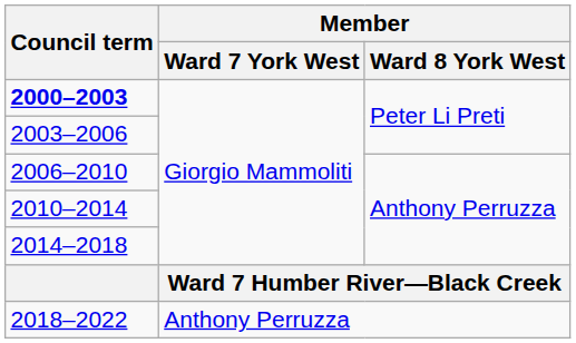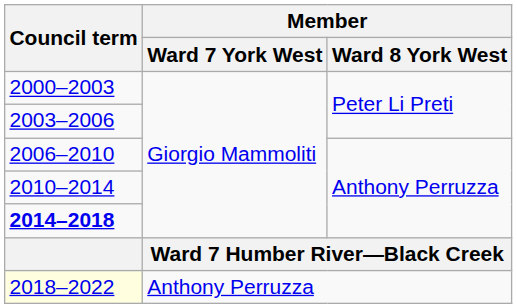 <table class="wikitable">
 <tr>
 <th rowspan="2">Council term</th>
 <th colspan="2">Member</th>
 </tr>
 <tr>
 <th>Ward 7 York West</th>
 <th>Ward 8 York West</th>
 </tr>
 <tr>
-<td><strong><a href='#'>2000–2003</a></strong></td>
+<td><a href='#'>2000–2003</a></td>
 <td rowspan="5"><a href='#'>Giorgio Mammoliti</a></td>
 <td rowspan="2"><a href='#'>Peter Li Preti</a></td>
 </tr>
 <tr>
 <td><a href='#'>2003–2006</a></td>
 </tr>
 <tr>
 <td><a href='#'>2006–2010</a></td>
 <td rowspan="3"><a href='#'>Anthony Perruzza</a></td>
 </tr>
 <tr>
 <td><a href='#'>2010–2014</a></td>
 </tr>
 <tr>
-<td><a href='#'>2014–2018</a></td>
+<td><strong><a href='#'>2014–2018</a></strong></td>
 </tr>
 <tr>
 <th></th>
 <th colspan="2">Ward 7 Humber River—Black Creek</th>
 </tr>
 <tr>
-<td><a href='#'>2018–2022</a></td>
+<td style="background: lightyellow;"><a href='#'>2018–2022</a></td>
 <td colspan="2"><a href='#'>Anthony Perruzza</a></td>
 </tr>
 </table>
